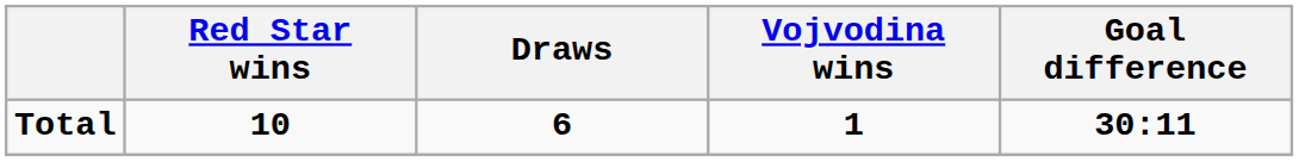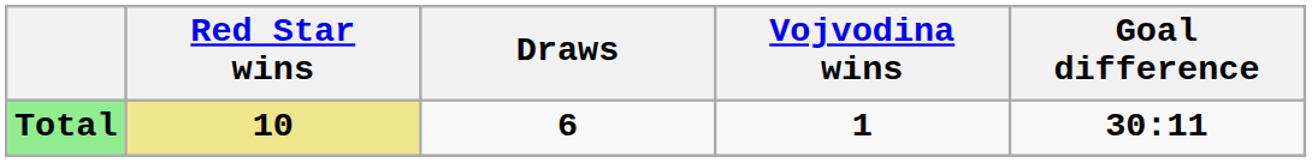 <table class="wikitable" style="text-align:center;font-size:95%">
 <tr>
 <th></th>
 <th width="100"><a href='#'>Red Star</a><br>wins</th>
 <th width="100">Draws</th>
 <th width="100"><a href='#'>Vojvodina</a><br>wins</th>
 <th width="100">Goal<br>difference</th>
 </tr>
 <tr>
-<td><strong>Total</strong></td>
-<td><strong>10</strong></td>
+<td style="background: lightgreen;"><strong>Total</strong></td>
+<td style="background: khaki;"><strong>10</strong></td>
 <td><strong>6</strong></td>
 <td><strong>1</strong></td>
 <td><strong>30:11</strong></td>
 </tr>
 <tr>
 </tr>
 </table>
